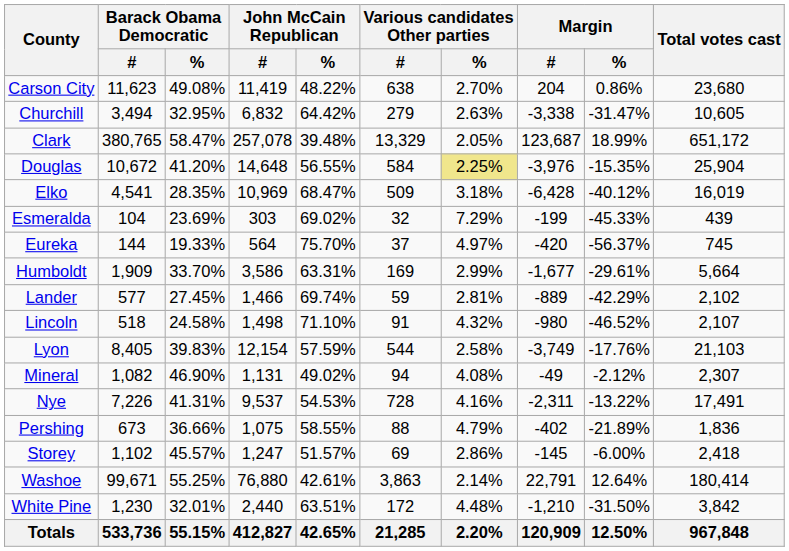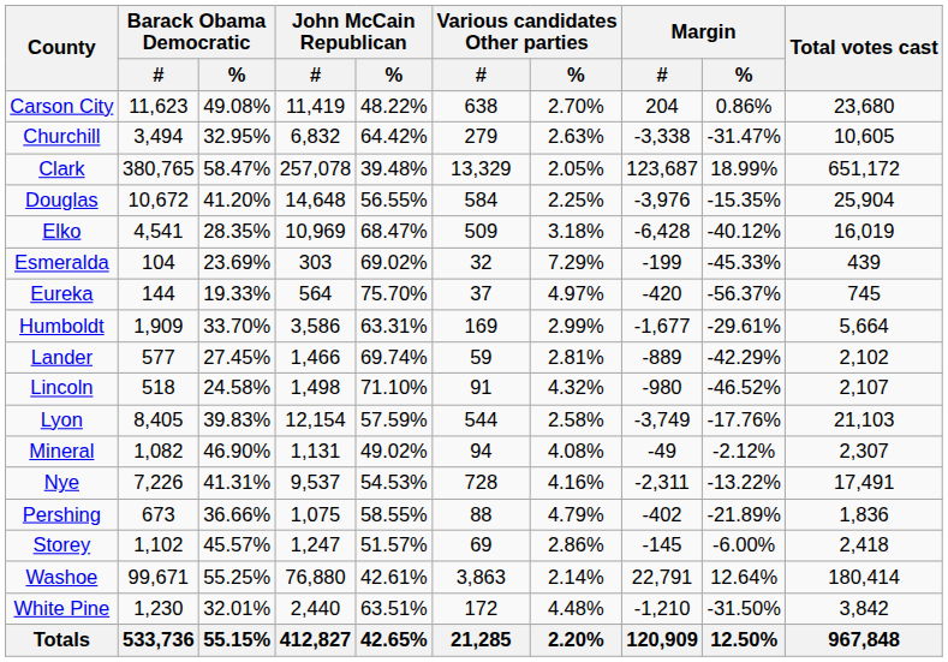 <table width="60%"  class="wikitable sortable" style="text-align:center">
 <tr>
 <th style="text-align:center;" rowspan="2">County</th>
 <th style="text-align:center;" colspan="2">Barack Obama<br>Democratic</th>
 <th style="text-align:center;" colspan="2">John McCain<br>Republican</th>
 <th style="text-align:center;" colspan="2">Various candidates<br>Other parties</th>
 <th style="text-align:center;" colspan="2">Margin</th>
 <th style="text-align:center;" rowspan="2">Total votes cast</th>
 </tr>
 <tr>
 <th style="text-align:center;" data-sort-type="number">#</th>
 <th style="text-align:center;" data-sort-type="number">%</th>
 <th style="text-align:center;" data-sort-type="number">#</th>
 <th style="text-align:center;" data-sort-type="number">%</th>
 <th style="text-align:center;" data-sort-type="number">#</th>
 <th style="text-align:center;" data-sort-type="number">%</th>
 <th style="text-align:center;" data-sort-type="number">#</th>
 <th style="text-align:center;" data-sort-type="number">%</th>
 </tr>
 <tr style="text-align:center;">
 <td><a href='#'>Carson City</a></td>
 <td>11,623</td>
 <td>49.08%</td>
 <td>11,419</td>
 <td>48.22%</td>
 <td>638</td>
 <td>2.70%</td>
 <td>204</td>
 <td>0.86%</td>
 <td>23,680</td>
 </tr>
 <tr style="text-align:center;">
 <td><a href='#'>Churchill</a></td>
 <td>3,494</td>
 <td>32.95%</td>
 <td>6,832</td>
 <td>64.42%</td>
 <td>279</td>
 <td>2.63%</td>
 <td>-3,338</td>
 <td>-31.47%</td>
 <td>10,605</td>
 </tr>
 <tr style="text-align:center;">
 <td><a href='#'>Clark</a></td>
 <td>380,765</td>
 <td>58.47%</td>
 <td>257,078</td>
 <td>39.48%</td>
 <td>13,329</td>
 <td>2.05%</td>
 <td>123,687</td>
 <td>18.99%</td>
 <td>651,172</td>
 </tr>
 <tr style="text-align:center;">
 <td><a href='#'>Douglas</a></td>
 <td>10,672</td>
 <td>41.20%</td>
 <td>14,648</td>
 <td>56.55%</td>
 <td>584</td>
-<td style="background: khaki;">2.25%</td>
+<td>2.25%</td>
 <td>-3,976</td>
 <td>-15.35%</td>
 <td>25,904</td>
 </tr>
 <tr style="text-align:center;">
 <td><a href='#'>Elko</a></td>
 <td>4,541</td>
 <td>28.35%</td>
 <td>10,969</td>
 <td>68.47%</td>
 <td>509</td>
 <td>3.18%</td>
 <td>-6,428</td>
 <td>-40.12%</td>
 <td>16,019</td>
 </tr>
 <tr style="text-align:center;">
 <td><a href='#'>Esmeralda</a></td>
 <td>104</td>
 <td>23.69%</td>
 <td>303</td>
 <td>69.02%</td>
 <td>32</td>
 <td>7.29%</td>
 <td>-199</td>
 <td>-45.33%</td>
 <td>439</td>
 </tr>
 <tr style="text-align:center;">
 <td><a href='#'>Eureka</a></td>
 <td>144</td>
 <td>19.33%</td>
 <td>564</td>
 <td>75.70%</td>
 <td>37</td>
 <td>4.97%</td>
 <td>-420</td>
 <td>-56.37%</td>
 <td>745</td>
 </tr>
 <tr style="text-align:center;">
 <td><a href='#'>Humboldt</a></td>
 <td>1,909</td>
 <td>33.70%</td>
 <td>3,586</td>
 <td>63.31%</td>
 <td>169</td>
 <td>2.99%</td>
 <td>-1,677</td>
 <td>-29.61%</td>
 <td>5,664</td>
 </tr>
 <tr style="text-align:center;">
 <td><a href='#'>Lander</a></td>
 <td>577</td>
 <td>27.45%</td>
 <td>1,466</td>
 <td>69.74%</td>
 <td>59</td>
 <td>2.81%</td>
 <td>-889</td>
 <td>-42.29%</td>
 <td>2,102</td>
 </tr>
 <tr style="text-align:center;">
 <td><a href='#'>Lincoln</a></td>
 <td>518</td>
 <td>24.58%</td>
 <td>1,498</td>
 <td>71.10%</td>
 <td>91</td>
 <td>4.32%</td>
 <td>-980</td>
 <td>-46.52%</td>
 <td>2,107</td>
 </tr>
 <tr style="text-align:center;">
 <td><a href='#'>Lyon</a></td>
 <td>8,405</td>
 <td>39.83%</td>
 <td>12,154</td>
 <td>57.59%</td>
 <td>544</td>
 <td>2.58%</td>
 <td>-3,749</td>
 <td>-17.76%</td>
 <td>21,103</td>
 </tr>
 <tr style="text-align:center;">
 <td><a href='#'>Mineral</a></td>
 <td>1,082</td>
 <td>46.90%</td>
 <td>1,131</td>
 <td>49.02%</td>
 <td>94</td>
 <td>4.08%</td>
 <td>-49</td>
 <td>-2.12%</td>
 <td>2,307</td>
 </tr>
 <tr style="text-align:center;">
 <td><a href='#'>Nye</a></td>
 <td>7,226</td>
 <td>41.31%</td>
 <td>9,537</td>
 <td>54.53%</td>
 <td>728</td>
 <td>4.16%</td>
 <td>-2,311</td>
 <td>-13.22%</td>
 <td>17,491</td>
 </tr>
 <tr style="text-align:center;">
 <td><a href='#'>Pershing</a></td>
 <td>673</td>
 <td>36.66%</td>
 <td>1,075</td>
 <td>58.55%</td>
 <td>88</td>
 <td>4.79%</td>
 <td>-402</td>
 <td>-21.89%</td>
 <td>1,836</td>
 </tr>
 <tr style="text-align:center;">
 <td><a href='#'>Storey</a></td>
 <td>1,102</td>
 <td>45.57%</td>
 <td>1,247</td>
 <td>51.57%</td>
 <td>69</td>
 <td>2.86%</td>
 <td>-145</td>
 <td>-6.00%</td>
 <td>2,418</td>
 </tr>
 <tr style="text-align:center;">
 <td><a href='#'>Washoe</a></td>
 <td>99,671</td>
 <td>55.25%</td>
 <td>76,880</td>
 <td>42.61%</td>
 <td>3,863</td>
 <td>2.14%</td>
 <td>22,791</td>
 <td>12.64%</td>
 <td>180,414</td>
 </tr>
 <tr style="text-align:center;">
 <td><a href='#'>White Pine</a></td>
 <td>1,230</td>
 <td>32.01%</td>
 <td>2,440</td>
 <td>63.51%</td>
 <td>172</td>
 <td>4.48%</td>
 <td>-1,210</td>
 <td>-31.50%</td>
 <td>3,842</td>
 </tr>
 <tr>
 <th>Totals</th>
 <th>533,736</th>
 <th>55.15%</th>
 <th>412,827</th>
 <th>42.65%</th>
 <th>21,285</th>
 <th>2.20%</th>
 <th>120,909</th>
 <th>12.50%</th>
 <th>967,848</th>
 </tr>
 </table>
